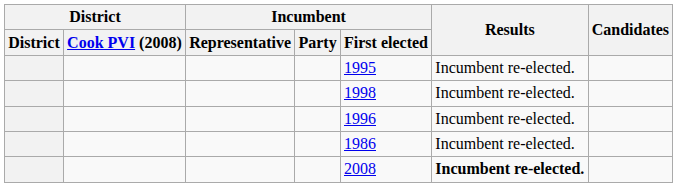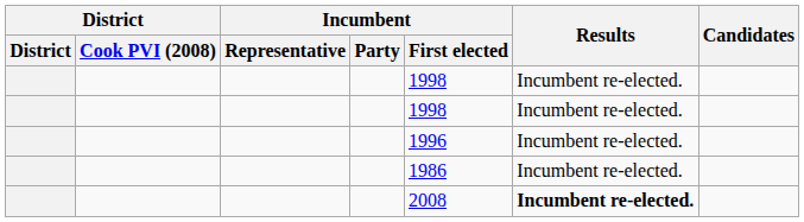 <table class="wikitable sortable">
 <tr>
 <th colspan=2>District</th>
 <th colspan=3>Incumbent</th>
 <th rowspan=2>Results</th>
 <th rowspan=2>Candidates</th>
 </tr>
 <tr valign=bottom>
 <th>District</th>
 <th><a href='#'>Cook PVI</a> (2008)</th>
 <th>Representative</th>
 <th>Party</th>
 <th>First elected</th>
 </tr>
 <tr>
 <th></th>
 <td></td>
 <td></td>
 <td></td>
-<td><a href='#'>1995</a></td>
+<td><a href='#'>1998</a></td>
 <td>Incumbent re-elected.</td>
 <td nowrap></td>
 </tr>
 <tr>
 <th></th>
 <td></td>
 <td></td>
 <td></td>
 <td><a href='#'>1998</a></td>
 <td>Incumbent re-elected.</td>
 <td nowrap></td>
 </tr>
 <tr>
 <th></th>
 <td></td>
 <td></td>
 <td></td>
 <td><a href='#'>1996</a></td>
 <td>Incumbent re-elected.</td>
 <td nowrap></td>
 </tr>
 <tr>
 <th></th>
 <td></td>
 <td></td>
 <td></td>
 <td><a href='#'>1986</a></td>
 <td>Incumbent re-elected.</td>
 <td nowrap></td>
 </tr>
 <tr>
 <th></th>
 <td></td>
 <td></td>
 <td></td>
 <td><a href='#'>2008</a></td>
 <td><strong>Incumbent re-elected.</strong></td>
 <td nowrap></td>
 </tr>
 </table>
